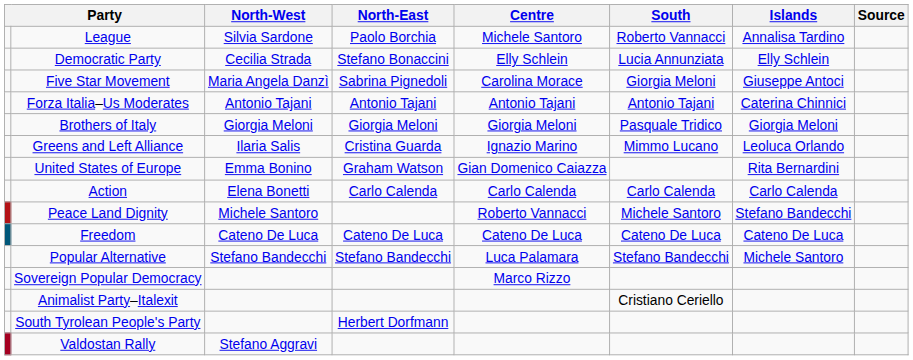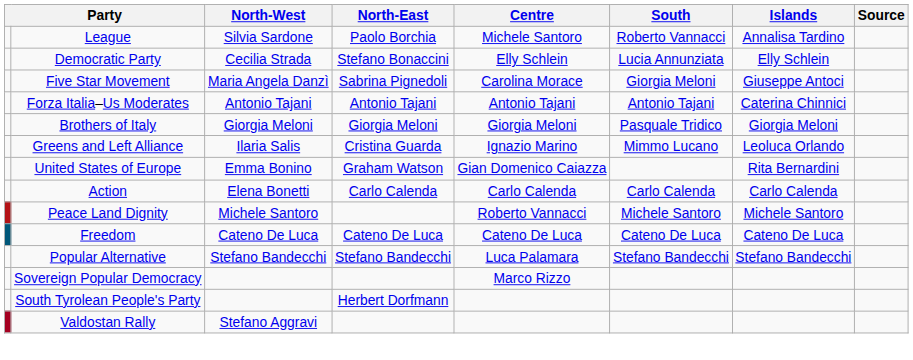 <table class="wikitable" style="text-align:center;font-size:95%">
 <tr>
 <th colspan=2>Party</th>
 <th><a href='#'>North-West</a></th>
 <th><a href='#'>North-East</a></th>
 <th><a href='#'>Centre</a></th>
 <th><a href='#'>South</a></th>
 <th><a href='#'>Islands</a></th>
 <th>Source</th>
 </tr>
 <tr>
 <td></td>
 <td><a href='#'>League</a></td>
 <td><a href='#'>Silvia Sardone</a></td>
 <td><a href='#'>Paolo Borchia</a></td>
 <td><a href='#'>Michele Santoro</a></td>
 <td><a href='#'>Roberto Vannacci</a></td>
 <td><a href='#'>Annalisa Tardino</a></td>
 <td></td>
 </tr>
 <tr>
 <td></td>
 <td><a href='#'>Democratic Party</a></td>
 <td><a href='#'>Cecilia Strada</a></td>
 <td><a href='#'>Stefano Bonaccini</a></td>
 <td><a href='#'>Elly Schlein</a></td>
 <td><a href='#'>Lucia Annunziata</a></td>
 <td><a href='#'>Elly Schlein</a></td>
 <td></td>
 </tr>
 <tr>
 <td></td>
 <td><a href='#'>Five Star Movement</a></td>
 <td><a href='#'>Maria Angela Danzì</a></td>
 <td><a href='#'>Sabrina Pignedoli</a></td>
 <td><a href='#'>Carolina Morace</a></td>
 <td><a href='#'>Giorgia Meloni</a></td>
 <td><a href='#'>Giuseppe Antoci</a></td>
 <td></td>
 </tr>
 <tr>
 <td></td>
 <td><a href='#'>Forza Italia</a>–<a href='#'>Us Moderates</a></td>
 <td><a href='#'>Antonio Tajani</a></td>
 <td><a href='#'>Antonio Tajani</a></td>
 <td><a href='#'>Antonio Tajani</a></td>
 <td><a href='#'>Antonio Tajani</a></td>
 <td><a href='#'>Caterina Chinnici</a></td>
 <td></td>
 </tr>
 <tr>
 <td></td>
 <td><a href='#'>Brothers of Italy</a></td>
 <td><a href='#'>Giorgia Meloni</a></td>
 <td><a href='#'>Giorgia Meloni</a></td>
 <td><a href='#'>Giorgia Meloni</a></td>
 <td><a href='#'>Pasquale Tridico</a></td>
 <td><a href='#'>Giorgia Meloni</a></td>
 <td></td>
 </tr>
 <tr>
 <td></td>
 <td><a href='#'>Greens and Left Alliance</a></td>
 <td><a href='#'>Ilaria Salis</a></td>
 <td><a href='#'>Cristina Guarda</a></td>
 <td><a href='#'>Ignazio Marino</a></td>
 <td><a href='#'>Mimmo Lucano</a></td>
 <td><a href='#'>Leoluca Orlando</a></td>
 <td></td>
 </tr>
 <tr>
 <td></td>
 <td><a href='#'>United States of Europe</a></td>
 <td><a href='#'>Emma Bonino</a></td>
 <td><a href='#'>Graham Watson</a></td>
 <td><a href='#'>Gian Domenico Caiazza</a></td>
 <td></td>
 <td><a href='#'>Rita Bernardini</a></td>
 <td></td>
 </tr>
 <tr>
 <td></td>
 <td><a href='#'>Action</a></td>
 <td><a href='#'>Elena Bonetti</a></td>
 <td><a href='#'>Carlo Calenda</a></td>
 <td><a href='#'>Carlo Calenda</a></td>
 <td><a href='#'>Carlo Calenda</a></td>
 <td><a href='#'>Carlo Calenda</a></td>
 <td></td>
 </tr>
 <tr>
 <td bgcolor=#B41317></td>
 <td><a href='#'>Peace Land Dignity</a></td>
 <td><a href='#'>Michele Santoro</a></td>
 <td></td>
 <td><a href='#'>Roberto Vannacci</a></td>
 <td><a href='#'>Michele Santoro</a></td>
-<td><a href='#'>Stefano Bandecchi</a></td>
+<td><a href='#'>Michele Santoro</a></td>
 <td></td>
 </tr>
 <tr>
 <td bgcolor=#005779></td>
 <td><a href='#'>Freedom</a></td>
 <td><a href='#'>Cateno De Luca</a></td>
 <td><a href='#'>Cateno De Luca</a></td>
 <td><a href='#'>Cateno De Luca</a></td>
 <td><a href='#'>Cateno De Luca</a></td>
 <td><a href='#'>Cateno De Luca</a></td>
 <td></td>
 </tr>
 <tr>
 <td></td>
 <td><a href='#'>Popular Alternative</a></td>
 <td><a href='#'>Stefano Bandecchi</a></td>
 <td><a href='#'>Stefano Bandecchi</a></td>
 <td><a href='#'>Luca Palamara</a></td>
 <td><a href='#'>Stefano Bandecchi</a></td>
-<td><a href='#'>Michele Santoro</a></td>
+<td><a href='#'>Stefano Bandecchi</a></td>
 <td></td>
 </tr>
 <tr>
 <td></td>
 <td><a href='#'>Sovereign Popular Democracy</a></td>
 <td></td>
 <td></td>
 <td><a href='#'>Marco Rizzo</a></td>
 <td></td>
-<td></td>
-<td></td>
-</tr>
-<tr>
-<td></td>
-<td><a href='#'>Animalist Party</a>–<a href='#'>Italexit</a></td>
-<td></td>
-<td></td>
-<td></td>
-<td>Cristiano Ceriello</td>
 <td></td>
 <td></td>
 </tr>
 <tr>
 <td></td>
 <td><a href='#'>South Tyrolean People's Party</a></td>
 <td></td>
 <td><a href='#'>Herbert Dorfmann</a></td>
 <td></td>
 <td></td>
 <td></td>
 <td></td>
 </tr>
 <tr>
 <td style="background:#A50021"></td>
 <td><a href='#'>Valdostan Rally</a></td>
 <td><a href='#'>Stefano Aggravi</a></td>
 <td></td>
 <td></td>
 <td></td>
 <td></td>
 <td></td>
 </tr>
 </table>
